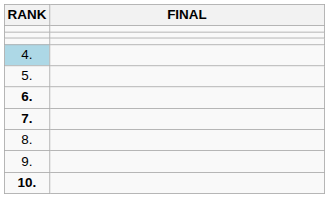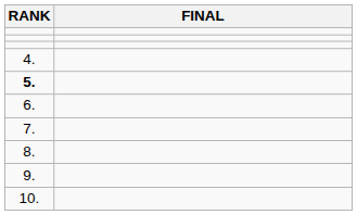 <table class="wikitable">
 <tr>
 <th>RANK</th>
 <th style="width: 20em">FINAL</th>
 </tr>
 <tr>
 <td align="center"></td>
 <td></td>
 </tr>
 <tr>
 <td align="center"></td>
 <td></td>
 </tr>
 <tr>
 <td align="center"></td>
 <td></td>
 </tr>
 <tr>
-<td align="center" style="background: lightblue;">4.</td>
+<td align="center">4.</td>
 <td></td>
 </tr>
 <tr>
-<td align="center">5.</td>
+<td align="center"><strong>5.</strong></td>
 <td></td>
 </tr>
 <tr>
-<td align="center"><strong>6.</strong></td>
+<td align="center">6.</td>
 <td></td>
 </tr>
 <tr>
-<td align="center"><strong>7.</strong></td>
+<td align="center">7.</td>
 <td></td>
 </tr>
 <tr>
 <td align="center">8.</td>
 <td></td>
 </tr>
 <tr>
 <td align="center">9.</td>
 <td></td>
 </tr>
 <tr>
-<td align="center"><strong>10.</strong></td>
+<td align="center">10.</td>
 <td></td>
 </tr>
 </table>
